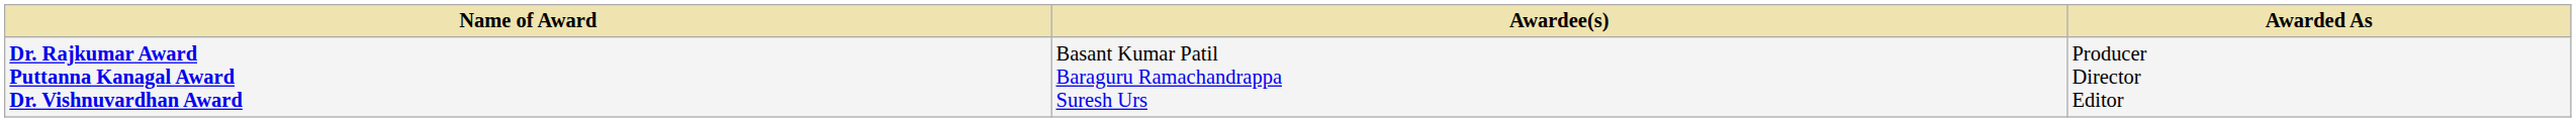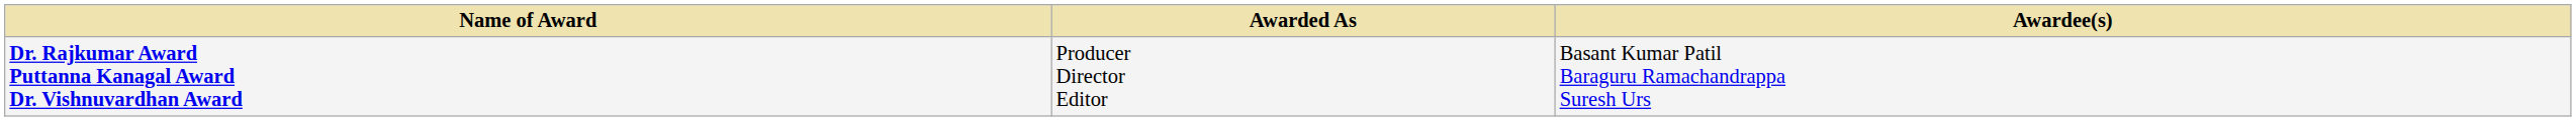 <table class="wikitable" style="width:100%;">
 <tr>
 <th style="background-color:#EFE4B0;">Name of Award</th>
+<th style="background-color:#EFE4B0;">Awarded As</th>
 <th style="background-color:#EFE4B0;">Awardee(s)</th>
-<th style="background-color:#EFE4B0;">Awarded As</th>
 </tr>
 <tr style="background-color:#F4F4F4">
 <td><strong><a href='#'>Dr. Rajkumar Award</a></strong><br><strong><a href='#'>Puttanna Kanagal Award</a></strong><br><strong><a href='#'>Dr. Vishnuvardhan Award</a></strong></td>
+<td>Producer<br>Director<br>Editor</td>
 <td>Basant Kumar Patil<br><a href='#'>Baraguru Ramachandrappa</a><br><a href='#'>Suresh Urs</a></td>
-<td>Producer<br>Director<br>Editor</td>
 </tr>
 </table>
